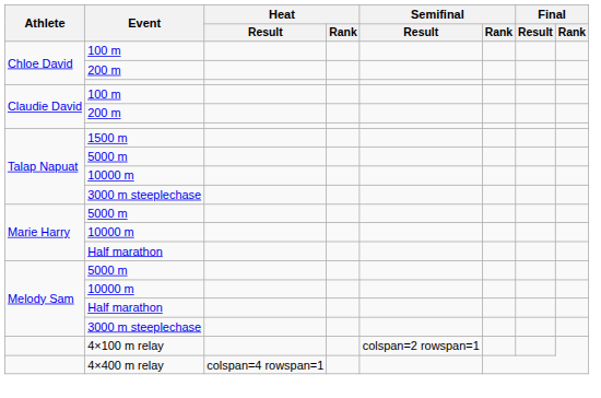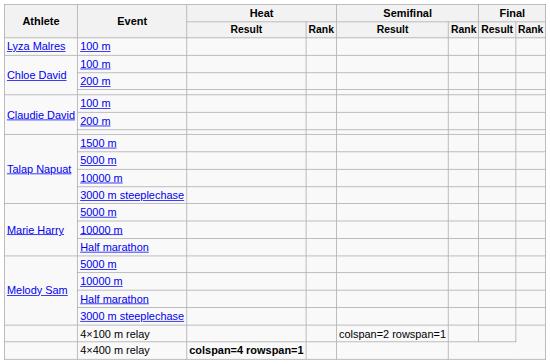 <table class="wikitable" style="font-size:90%">
 <tr>
 <th rowspan="2">Athlete</th>
 <th rowspan="2">Event</th>
 <th colspan="2">Heat</th>
 <th colspan="2">Semifinal</th>
 <th colspan="2">Final</th>
 </tr>
 <tr style="font-size:95%">
 <th>Result</th>
 <th>Rank</th>
 <th>Result</th>
 <th>Rank</th>
 <th>Result</th>
 <th>Rank</th>
+</tr>
+<tr style=text-align:center>
+<td style=text-align:left><a href='#'>Lyza Malres</a></td>
+<td style=text-align:left><a href='#'>100 m</a></td>
+<td></td>
+<td></td>
+<td></td>
+<td></td>
+<td></td>
+<td></td>
 </tr>
 <tr style=text-align:center>
 <td style=text-align:left rowspan=3><a href='#'>Chloe David</a></td>
 <td style=text-align:left><a href='#'>100 m</a></td>
 <td></td>
 <td></td>
 <td></td>
 <td></td>
 <td></td>
 <td></td>
 </tr>
 <tr style=text-align:center>
 <td style=text-align:left><a href='#'>200 m</a></td>
 <td></td>
 <td></td>
 <td></td>
 <td></td>
 <td></td>
 <td></td>
 </tr>
 <tr style=text-align:center>
 <td style=text-align:left></td>
 <td></td>
 <td></td>
 <td></td>
 <td></td>
 <td></td>
 <td></td>
 </tr>
 <tr style=text-align:center>
 <td style=text-align:left rowspan=3><a href='#'>Claudie David</a></td>
 <td style=text-align:left><a href='#'>100 m</a></td>
 <td></td>
 <td></td>
 <td></td>
 <td></td>
 <td></td>
 <td></td>
 </tr>
 <tr style=text-align:center>
 <td style=text-align:left><a href='#'>200 m</a></td>
 <td></td>
 <td></td>
 <td></td>
 <td></td>
 <td></td>
 <td></td>
 </tr>
 <tr style=text-align:center>
 <td style=text-align:left></td>
 <td></td>
 <td></td>
 <td></td>
 <td></td>
 <td></td>
 <td></td>
 </tr>
 <tr style=text-align:center>
 <td style=text-align:left rowspan=4><a href='#'>Talap Napuat</a></td>
 <td style=text-align:left><a href='#'>1500 m</a></td>
 <td></td>
 <td></td>
 <td></td>
 <td></td>
 <td></td>
 <td></td>
 </tr>
 <tr style=text-align:center>
 <td style=text-align:left><a href='#'>5000 m</a></td>
 <td></td>
 <td></td>
 <td></td>
 <td></td>
 <td></td>
 <td></td>
 </tr>
 <tr style=text-align:center>
 <td style=text-align:left><a href='#'>10000 m</a></td>
 <td></td>
 <td></td>
 <td></td>
 <td></td>
 <td></td>
 <td></td>
 </tr>
 <tr style=text-align:center>
 <td style=text-align:left><a href='#'>3000 m steeplechase</a></td>
 <td></td>
 <td></td>
 <td></td>
 <td></td>
 <td></td>
 <td></td>
 </tr>
 <tr style=text-align:center>
 <td style=text-align:left rowspan=3><a href='#'>Marie Harry</a></td>
 <td style=text-align:left><a href='#'>5000 m</a></td>
 <td></td>
 <td></td>
 <td></td>
 <td></td>
 <td></td>
 <td></td>
 </tr>
 <tr style=text-align:center>
 <td style=text-align:left><a href='#'>10000 m</a></td>
 <td></td>
 <td></td>
 <td></td>
 <td></td>
 <td></td>
 <td></td>
 </tr>
 <tr style=text-align:center>
 <td style=text-align:left><a href='#'>Half marathon</a></td>
 <td></td>
 <td></td>
 <td></td>
 <td></td>
 <td></td>
 <td></td>
 </tr>
 <tr style=text-align:center>
 <td style=text-align:left rowspan=4><a href='#'>Melody Sam</a></td>
 <td style=text-align:left><a href='#'>5000 m</a></td>
 <td></td>
 <td></td>
 <td></td>
 <td></td>
 <td></td>
 <td></td>
 </tr>
 <tr style=text-align:center>
 <td style=text-align:left><a href='#'>10000 m</a></td>
 <td></td>
 <td></td>
 <td></td>
 <td></td>
 <td></td>
 <td></td>
 </tr>
 <tr style=text-align:center>
 <td style=text-align:left><a href='#'>Half marathon</a></td>
 <td></td>
 <td></td>
 <td></td>
 <td></td>
 <td></td>
 <td></td>
 </tr>
 <tr style=text-align:center>
 <td style=text-align:left><a href='#'>3000 m steeplechase</a></td>
 <td></td>
 <td></td>
 <td></td>
 <td></td>
 <td></td>
 <td></td>
 </tr>
 <tr style=text-align:center>
 <td style=text-align:left></td>
 <td style=text-align:left rowspan=1>4×100 m relay</td>
 <td></td>
 <td></td>
 <td>colspan=2 rowspan=1 </td>
 <td></td>
 <td></td>
 </tr>
 <tr style=text-align:center>
 <td style=text-align:left></td>
 <td style=text-align:left rowspan=1>4×400 m relay</td>
-<td>colspan=4 rowspan=1 </td>
+<td><strong>colspan=4 rowspan=1 </strong></td>
 <td></td>
 <td></td>
 </tr>
 </table>
